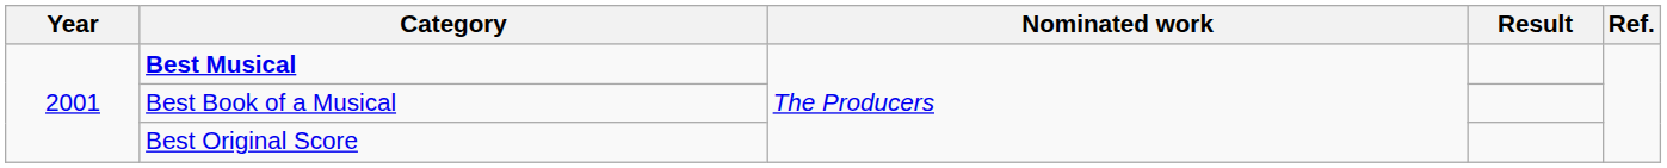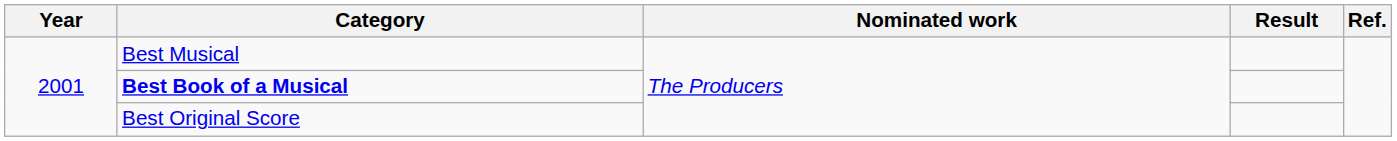 <table class=wikitable>
 <tr>
 <th scope="col" style="width:5em;">Year</th>
 <th scope="col" style="width:25em;">Category</th>
 <th scope="col" style="width:28em;">Nominated work</th>
 <th scope="col" style="width:5em;">Result</th>
 <th>Ref.</th>
 </tr>
 <tr>
 <td style="text-align:center;", rowspan="3"><a href='#'>2001</a></td>
-<td><strong><a href='#'>Best Musical</a></strong></td>
+<td><a href='#'>Best Musical</a></td>
 <td rowspan="3"><em><a href='#'>The Producers</a></em></td>
 <td></td>
 <td rowspan="3" style="text-align:center;"></td>
 </tr>
 <tr>
-<td><a href='#'>Best Book of a Musical</a></td>
+<td><strong><a href='#'>Best Book of a Musical</a></strong></td>
 <td></td>
 </tr>
 <tr>
 <td><a href='#'>Best Original Score</a></td>
 <td></td>
 </tr>
 </table>
